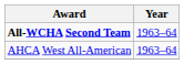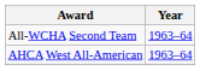 <table class="wikitable">
 <tr>
 <th>Award</th>
 <th>Year</th>
 </tr>
 <tr>
-<td><strong>All-<a href='#'>WCHA</a> <a href='#'>Second Team</a></strong></td>
+<td>All-<a href='#'>WCHA</a> <a href='#'>Second Team</a></td>
 <td><a href='#'>1963–64</a></td>
 </tr>
 <tr>
 <td><a href='#'>AHCA</a> <a href='#'>West All-American</a></td>
 <td><a href='#'>1963–64</a></td>
 </tr>
 <tr>
 </tr>
 </table>
